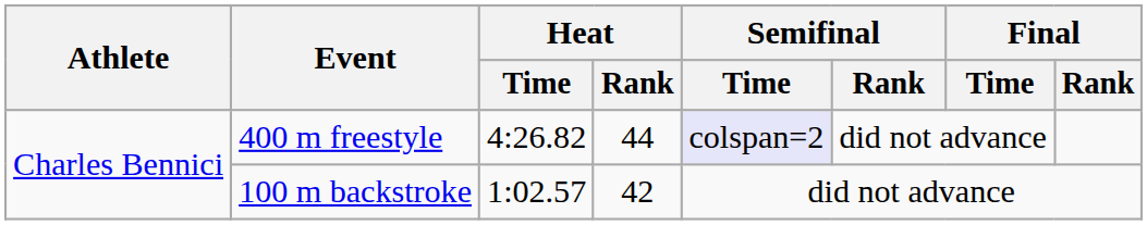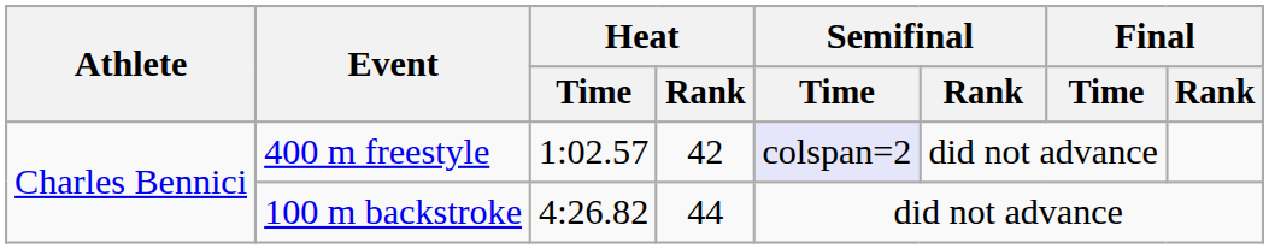 <table class="wikitable" style="text-align:center; font-size:90%">
 <tr>
 <th rowspan="2">Athlete</th>
 <th rowspan="2">Event</th>
 <th colspan="2">Heat</th>
 <th colspan="2">Semifinal</th>
 <th colspan="2">Final</th>
 </tr>
 <tr style="font-size:95%">
 <th>Time</th>
 <th>Rank</th>
 <th>Time</th>
 <th>Rank</th>
 <th>Time</th>
 <th>Rank</th>
 </tr>
 <tr>
 <td align=left rowspan=2><a href='#'>Charles Bennici</a></td>
 <td align=left><a href='#'>400 m freestyle</a></td>
-<td>4:26.82</td>
-<td>44</td>
+<td>1:02.57</td>
+<td>42</td>
 <td style="background: lavender;">colspan=2</td>
 <td colspan=2>did not advance</td>
 </tr>
 <tr>
 <td align=left><a href='#'>100 m backstroke</a></td>
-<td>1:02.57</td>
-<td>42</td>
+<td>4:26.82</td>
+<td>44</td>
 <td colspan=4>did not advance</td>
 </tr>
 </table>
